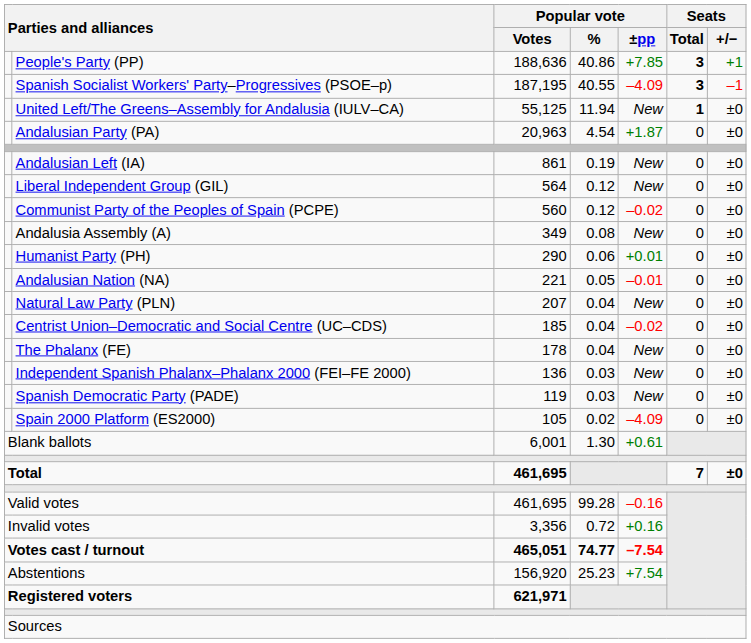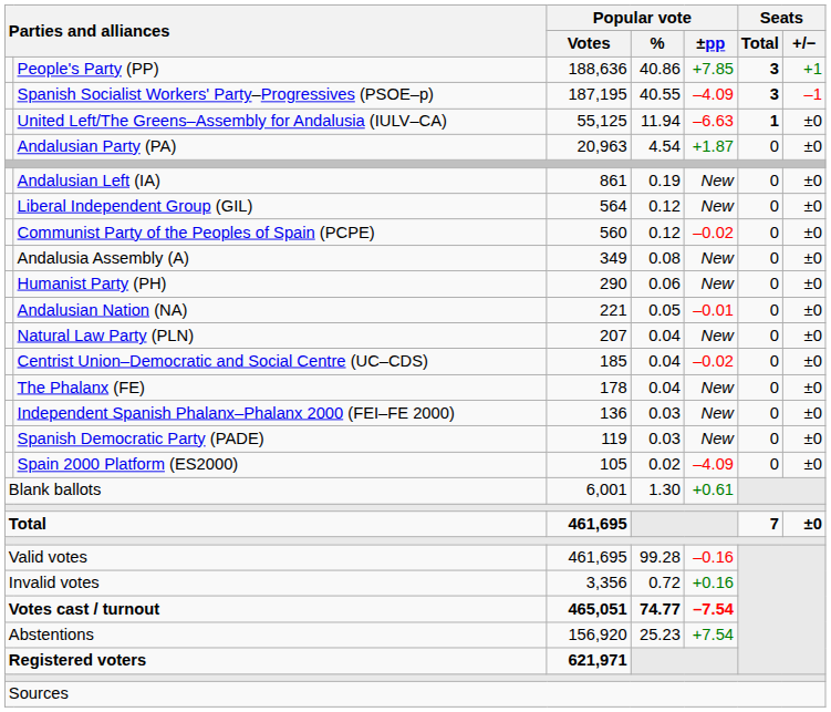 <table class="wikitable" style="text-align:right;">
 <tr>
 <th style="text-align:left;" rowspan="2" colspan="2" width="525">Parties and alliances</th>
 <th colspan="3">Popular vote</th>
 <th colspan="2">Seats</th>
 </tr>
 <tr>
 <th width="75">Votes</th>
 <th width="45">%</th>
 <th width="45">±<a href='#'>pp</a></th>
 <th width="35">Total</th>
 <th width="35">+/−</th>
 </tr>
 <tr>
 <td width="1" style="color:inherit;background:"></td>
 <td align="left"><a href='#'>People's Party</a> (PP)</td>
 <td>188,636</td>
 <td>40.86</td>
 <td style="color:green;">+7.85</td>
 <td><strong>3</strong></td>
 <td style="color:green;">+1</td>
 </tr>
 <tr>
 <td style="color:inherit;background:"></td>
 <td align="left"><a href='#'>Spanish Socialist Workers' Party</a>–<a href='#'>Progressives</a> (PSOE–p)</td>
 <td>187,195</td>
 <td>40.55</td>
 <td style="color:red;">–4.09</td>
 <td><strong>3</strong></td>
 <td style="color:red;">–1</td>
 </tr>
 <tr>
 <td style="color:inherit;background:"></td>
 <td align="left"><a href='#'>United Left/The Greens–Assembly for Andalusia</a> (IULV–CA)</td>
 <td>55,125</td>
 <td>11.94</td>
-<td><em>New</em></td>
+<td style="color:red;">–6.63</td>
 <td><strong>1</strong></td>
 <td>±0</td>
 </tr>
 <tr>
 <td style="color:inherit;background:"></td>
 <td align="left"><a href='#'>Andalusian Party</a> (PA)</td>
 <td>20,963</td>
 <td>4.54</td>
 <td style="color:green;">+1.87</td>
 <td>0</td>
 <td>±0</td>
 </tr>
 <tr>
 <td colspan="7" bgcolor="#C0C0C0"></td>
 </tr>
 <tr>
 <td style="color:inherit;background:"></td>
 <td align="left"><a href='#'>Andalusian Left</a> (IA)</td>
 <td>861</td>
 <td>0.19</td>
 <td><em>New</em></td>
 <td>0</td>
 <td>±0</td>
 </tr>
 <tr>
 <td style="color:inherit;background:"></td>
 <td align="left"><a href='#'>Liberal Independent Group</a> (GIL)</td>
 <td>564</td>
 <td>0.12</td>
 <td><em>New</em></td>
 <td>0</td>
 <td>±0</td>
 </tr>
 <tr>
 <td style="color:inherit;background:"></td>
 <td align="left"><a href='#'>Communist Party of the Peoples of Spain</a> (PCPE)</td>
 <td>560</td>
 <td>0.12</td>
 <td style="color:red;">–0.02</td>
 <td>0</td>
 <td>±0</td>
 </tr>
 <tr>
 <td style="color:inherit;background:"></td>
 <td align="left">Andalusia Assembly (A)</td>
 <td>349</td>
 <td>0.08</td>
 <td><em>New</em></td>
 <td>0</td>
 <td>±0</td>
 </tr>
 <tr>
 <td style="color:inherit;background:"></td>
 <td align="left"><a href='#'>Humanist Party</a> (PH)</td>
 <td>290</td>
 <td>0.06</td>
-<td style="color:green;">+0.01</td>
+<td><em>New</em></td>
 <td>0</td>
 <td>±0</td>
 </tr>
 <tr>
 <td style="color:inherit;background:"></td>
 <td align="left"><a href='#'>Andalusian Nation</a> (NA)</td>
 <td>221</td>
 <td>0.05</td>
 <td style="color:red;">–0.01</td>
 <td>0</td>
 <td>±0</td>
 </tr>
 <tr>
 <td style="color:inherit;background:"></td>
 <td align="left"><a href='#'>Natural Law Party</a> (PLN)</td>
 <td>207</td>
 <td>0.04</td>
 <td><em>New</em></td>
 <td>0</td>
 <td>±0</td>
 </tr>
 <tr>
 <td style="color:inherit;background:"></td>
 <td align="left"><a href='#'>Centrist Union–Democratic and Social Centre</a> (UC–CDS)</td>
 <td>185</td>
 <td>0.04</td>
 <td style="color:red;">–0.02</td>
 <td>0</td>
 <td>±0</td>
 </tr>
 <tr>
 <td style="color:inherit;background:"></td>
 <td align="left"><a href='#'>The Phalanx</a> (FE)</td>
 <td>178</td>
 <td>0.04</td>
 <td><em>New</em></td>
 <td>0</td>
 <td>±0</td>
 </tr>
 <tr>
 <td style="color:inherit;background:"></td>
 <td align="left"><a href='#'>Independent Spanish Phalanx–Phalanx 2000</a> (FEI–FE 2000)</td>
 <td>136</td>
 <td>0.03</td>
 <td><em>New</em></td>
 <td>0</td>
 <td>±0</td>
 </tr>
 <tr>
 <td style="color:inherit;background:"></td>
 <td align="left"><a href='#'>Spanish Democratic Party</a> (PADE)</td>
 <td>119</td>
 <td>0.03</td>
 <td><em>New</em></td>
 <td>0</td>
 <td>±0</td>
 </tr>
 <tr>
 <td style="color:inherit;background:"></td>
 <td align="left"><a href='#'>Spain 2000 Platform</a> (ES2000)</td>
 <td>105</td>
 <td>0.02</td>
 <td style="color:red;">–4.09</td>
 <td>0</td>
 <td>±0</td>
 </tr>
 <tr>
 <td align="left" colspan="2">Blank ballots</td>
 <td>6,001</td>
 <td>1.30</td>
 <td style="color:green;">+0.61</td>
 <td bgcolor="#E9E9E9" colspan="2"></td>
 </tr>
 <tr>
 <td colspan="7" bgcolor="#E9E9E9"></td>
 </tr>
 <tr style="font-weight:bold;">
 <td align="left" colspan="2">Total</td>
 <td>461,695</td>
 <td bgcolor="#E9E9E9" colspan="2"></td>
 <td>7</td>
 <td>±0</td>
 </tr>
 <tr>
 <td colspan="7" bgcolor="#E9E9E9"></td>
 </tr>
 <tr>
 <td align="left" colspan="2">Valid votes</td>
 <td>461,695</td>
 <td>99.28</td>
 <td style="color:red;">–0.16</td>
 <td bgcolor="#E9E9E9" colspan="2" rowspan="5"></td>
 </tr>
 <tr>
 <td align="left" colspan="2">Invalid votes</td>
 <td>3,356</td>
 <td>0.72</td>
 <td style="color:green;">+0.16</td>
 </tr>
 <tr style="font-weight:bold;">
 <td align="left" colspan="2">Votes cast / turnout</td>
 <td>465,051</td>
 <td>74.77</td>
 <td style="color:red;">–7.54</td>
 </tr>
 <tr>
 <td align="left" colspan="2">Abstentions</td>
 <td>156,920</td>
 <td>25.23</td>
 <td style="color:green;">+7.54</td>
 </tr>
 <tr style="font-weight:bold;">
 <td align="left" colspan="2">Registered voters</td>
 <td>621,971</td>
 <td bgcolor="#E9E9E9" colspan="2"></td>
 </tr>
 <tr>
 <td colspan="7" bgcolor="#E9E9E9"></td>
 </tr>
 <tr>
 <td align="left" colspan="7">Sources</td>
 </tr>
 </table>
